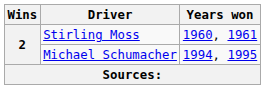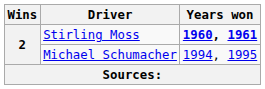 <table class="wikitable" style="font-size: 95%;">
 <tr>
 <th>Wins</th>
 <th>Driver</th>
 <th>Years won</th>
 </tr>
 <tr>
 <th rowspan=2>2</th>
 <td> <a href='#'>Stirling Moss</a></td>
-<td><span><a href='#'>1960</a>, <a href='#'>1961</a></span></td>
+<td><strong><span><a href='#'>1960</a>, <a href='#'>1961</a></span></strong></td>
 </tr>
 <tr>
 <td> <a href='#'>Michael Schumacher</a></td>
 <td><a href='#'>1994</a>, <a href='#'>1995</a></td>
 </tr>
 <tr>
 <th colspan="3">Sources:</th>
 </tr>
 </table>
